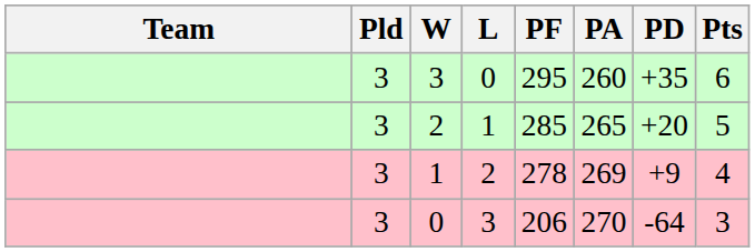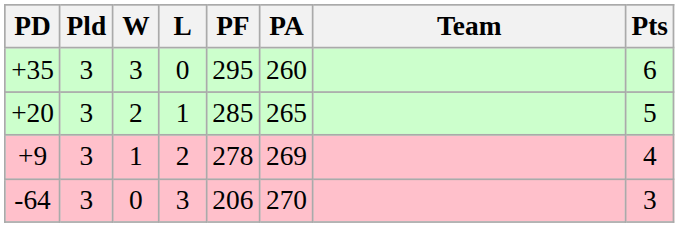 <table class="wikitable" style="text-align:center;">
 <tr>
-<th width=175>Team</th>
+<th width=20  abbr="Points Difference">PD</th>
 <th width=20  abbr="Played">Pld</th>
 <th width=20  abbr="Won">W</th>
 <th width=20  abbr="Lost">L</th>
 <th width=20  abbr="Points">PF</th>
 <th width=20  abbr="Points Against">PA</th>
-<th width=20  abbr="Points Difference">PD</th>
+<th width=175>Team</th>
 <th width=20  abbr="Points">Pts</th>
 </tr>
 <tr bgcolor="ccffcc">
-<td style="text-align:left;"></td>
+<td>+35</td>
 <td>3</td>
 <td>3</td>
 <td>0</td>
 <td>295</td>
 <td>260</td>
-<td>+35</td>
+<td style="text-align:left;"></td>
 <td>6</td>
 </tr>
 <tr bgcolor="ccffcc">
-<td style="text-align:left;"></td>
+<td>+20</td>
 <td>3</td>
 <td>2</td>
 <td>1</td>
 <td>285</td>
 <td>265</td>
-<td>+20</td>
+<td style="text-align:left;"></td>
 <td>5</td>
 </tr>
 <tr bgcolor="pink">
-<td style="text-align:left;"></td>
+<td>+9</td>
 <td>3</td>
 <td>1</td>
 <td>2</td>
 <td>278</td>
 <td>269</td>
-<td>+9</td>
+<td style="text-align:left;"></td>
 <td>4</td>
 </tr>
 <tr bgcolor="pink">
-<td style="text-align:left;"></td>
+<td>-64</td>
 <td>3</td>
 <td>0</td>
 <td>3</td>
 <td>206</td>
 <td>270</td>
-<td>-64</td>
+<td style="text-align:left;"></td>
 <td>3</td>
 </tr>
 </table>
